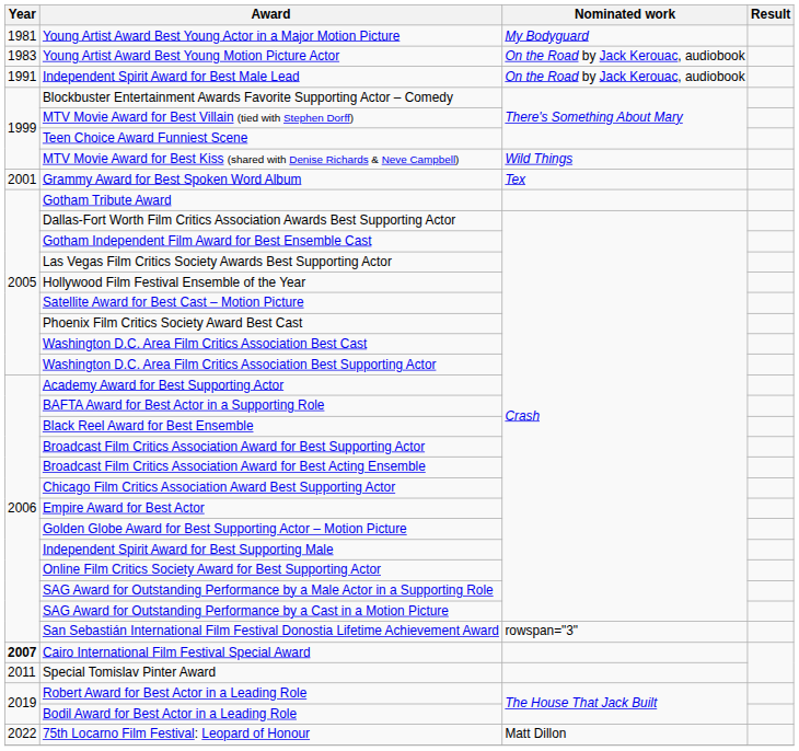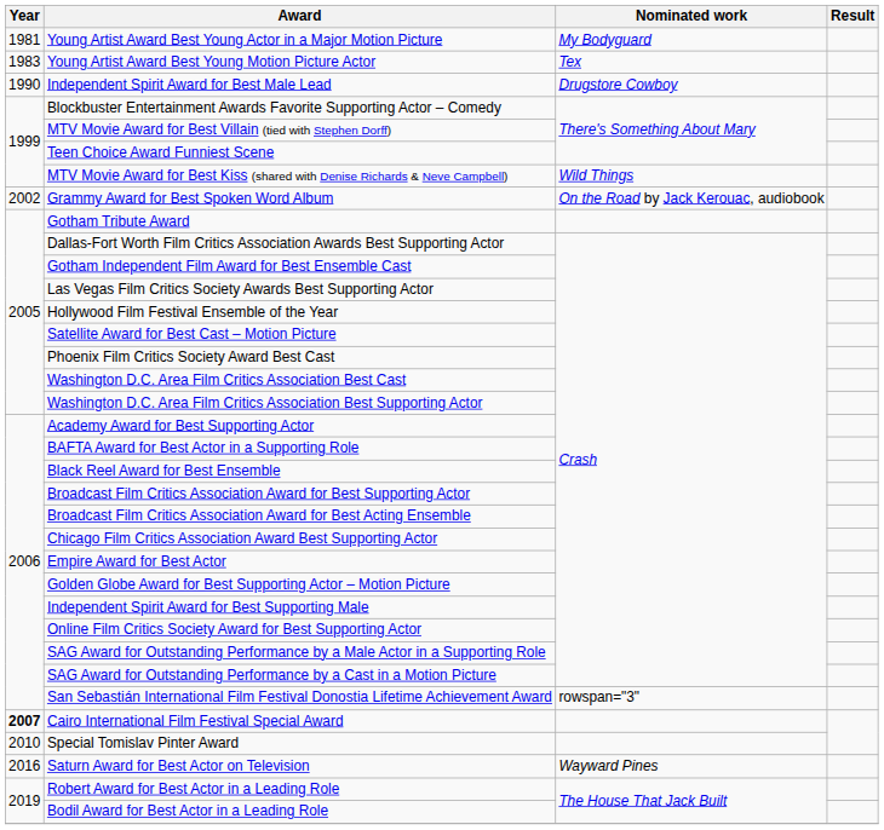 <table class="wikitable sortable">
 <tr>
 <th>Year</th>
 <th>Award</th>
 <th>Nominated work</th>
 <th>Result</th>
 </tr>
 <tr>
 <td>1981</td>
 <td><a href='#'>Young Artist Award Best Young Actor in a Major Motion Picture</a></td>
 <td><em><a href='#'>My Bodyguard</a></em></td>
 <td></td>
 </tr>
 <tr>
 <td>1983</td>
 <td><a href='#'>Young Artist Award Best Young Motion Picture Actor</a></td>
-<td><em><a href='#'>On the Road</a></em> by <a href='#'>Jack Kerouac</a>, audiobook</td>
+<td><em><a href='#'>Tex</a></em></td>
 <td></td>
 </tr>
 <tr>
-<td>1991</td>
+<td>1990</td>
 <td><a href='#'>Independent Spirit Award for Best Male Lead</a></td>
-<td><em><a href='#'>On the Road</a></em> by <a href='#'>Jack Kerouac</a>, audiobook</td>
+<td><em><a href='#'>Drugstore Cowboy</a></em></td>
 <td></td>
 </tr>
 <tr>
 <td rowspan="4">1999</td>
 <td>Blockbuster Entertainment Awards Favorite Supporting Actor – Comedy</td>
 <td rowspan="3"><em><a href='#'>There's Something About Mary</a></em></td>
 <td></td>
 </tr>
 <tr>
 <td><a href='#'>MTV Movie Award for Best Villain</a> <small>(tied with <a href='#'>Stephen Dorff</a>)</small></td>
 <td></td>
 </tr>
 <tr>
 <td><a href='#'>Teen Choice Award Funniest Scene</a></td>
 <td></td>
 </tr>
 <tr>
 <td><a href='#'>MTV Movie Award for Best Kiss</a> <small>(shared with <a href='#'>Denise Richards</a> & <a href='#'>Neve Campbell</a>)</small></td>
 <td><em><a href='#'>Wild Things</a></em></td>
 <td></td>
 </tr>
 <tr>
-<td>2001</td>
+<td>2002</td>
 <td><a href='#'>Grammy Award for Best Spoken Word Album</a></td>
-<td><em><a href='#'>Tex</a></em></td>
+<td><em><a href='#'>On the Road</a></em> by <a href='#'>Jack Kerouac</a>, audiobook</td>
 <td></td>
 </tr>
 <tr>
 <td rowspan="9">2005</td>
 <td><a href='#'>Gotham Tribute Award</a></td>
 <td></td>
 <td></td>
 </tr>
 <tr>
 <td>Dallas-Fort Worth Film Critics Association Awards Best Supporting Actor</td>
 <td rowspan="20"><em><a href='#'>Crash</a></em></td>
 <td></td>
 </tr>
 <tr>
 <td><a href='#'>Gotham Independent Film Award for Best Ensemble Cast</a></td>
 <td></td>
 </tr>
 <tr>
 <td>Las Vegas Film Critics Society Awards Best Supporting Actor</td>
 <td></td>
 </tr>
 <tr>
 <td>Hollywood Film Festival Ensemble of the Year</td>
 <td></td>
 </tr>
 <tr>
 <td><a href='#'>Satellite Award for Best Cast – Motion Picture</a></td>
 <td></td>
 </tr>
 <tr>
 <td>Phoenix Film Critics Society Award Best Cast</td>
 <td></td>
 </tr>
 <tr>
 <td><a href='#'>Washington D.C. Area Film Critics Association Best Cast</a></td>
 <td></td>
 </tr>
 <tr>
 <td><a href='#'>Washington D.C. Area Film Critics Association Best Supporting Actor</a></td>
 <td></td>
 </tr>
 <tr>
 <td rowspan="13">2006</td>
 <td><a href='#'>Academy Award for Best Supporting Actor</a></td>
 <td></td>
 </tr>
 <tr>
 <td><a href='#'>BAFTA Award for Best Actor in a Supporting Role</a></td>
 <td></td>
 </tr>
 <tr>
 <td><a href='#'>Black Reel Award for Best Ensemble</a></td>
 <td></td>
 </tr>
 <tr>
 <td><a href='#'>Broadcast Film Critics Association Award for Best Supporting Actor</a></td>
 <td></td>
 </tr>
 <tr>
 <td><a href='#'>Broadcast Film Critics Association Award for Best Acting Ensemble</a></td>
 <td></td>
 </tr>
 <tr>
 <td><a href='#'>Chicago Film Critics Association Award Best Supporting Actor</a></td>
 <td></td>
 </tr>
 <tr>
 <td><a href='#'>Empire Award for Best Actor</a></td>
 <td></td>
 </tr>
 <tr>
 <td><a href='#'>Golden Globe Award for Best Supporting Actor – Motion Picture</a></td>
 <td></td>
 </tr>
 <tr>
 <td><a href='#'>Independent Spirit Award for Best Supporting Male</a></td>
 <td></td>
 </tr>
 <tr>
 <td><a href='#'>Online Film Critics Society Award for Best Supporting Actor</a></td>
 <td></td>
 </tr>
 <tr>
 <td><a href='#'>SAG Award for Outstanding Performance by a Male Actor in a Supporting Role</a></td>
 <td></td>
 </tr>
 <tr>
 <td><a href='#'>SAG Award for Outstanding Performance by a Cast in a Motion Picture</a></td>
 <td></td>
 </tr>
 <tr>
 <td><a href='#'>San Sebastián International Film Festival Donostia Lifetime Achievement Award</a></td>
 <td>rowspan="3" </td>
 <td></td>
 </tr>
 <tr>
 <td><strong>2007</strong></td>
 <td><a href='#'>Cairo International Film Festival Special Award</a></td>
 <td></td>
 </tr>
 <tr>
-<td>2011</td>
+<td>2010</td>
 <td>Special Tomislav Pinter Award</td>
+<td></td>
+</tr>
+<tr>
+<td>2016</td>
+<td><a href='#'>Saturn Award for Best Actor on Television</a></td>
+<td><em>Wayward Pines</em></td>
 <td></td>
 </tr>
 <tr>
 <td rowspan="2">2019</td>
 <td><a href='#'>Robert Award for Best Actor in a Leading Role</a></td>
 <td rowspan="2"><em><a href='#'>The House That Jack Built</a></em></td>
 <td></td>
 </tr>
 <tr>
 <td><a href='#'>Bodil Award for Best Actor in a Leading Role</a></td>
 <td></td>
 </tr>
 <tr>
-<td>2022</td>
-<td><a href='#'>75th Locarno Film Festival</a>: <a href='#'>Leopard of Honour</a></td>
-<td>Matt Dillon</td>
-<td></td>
-</tr>
-<tr>
 </tr>
 </table>
